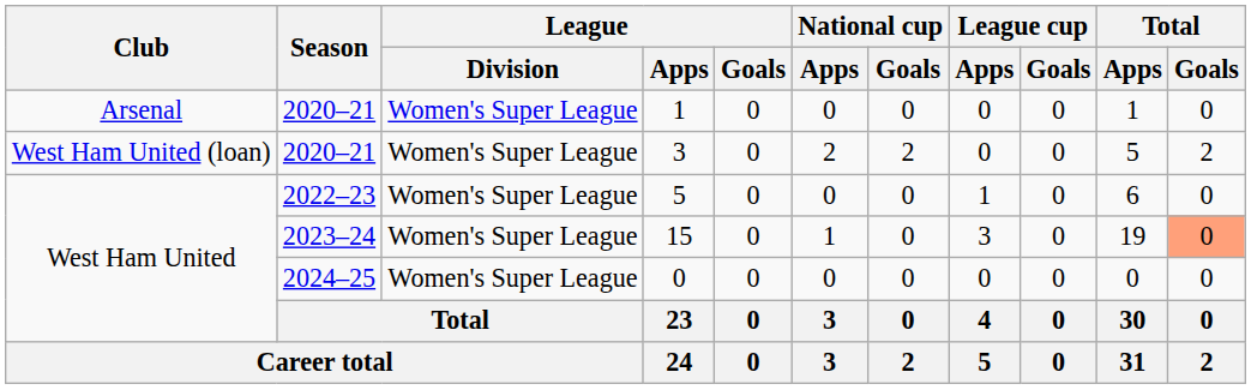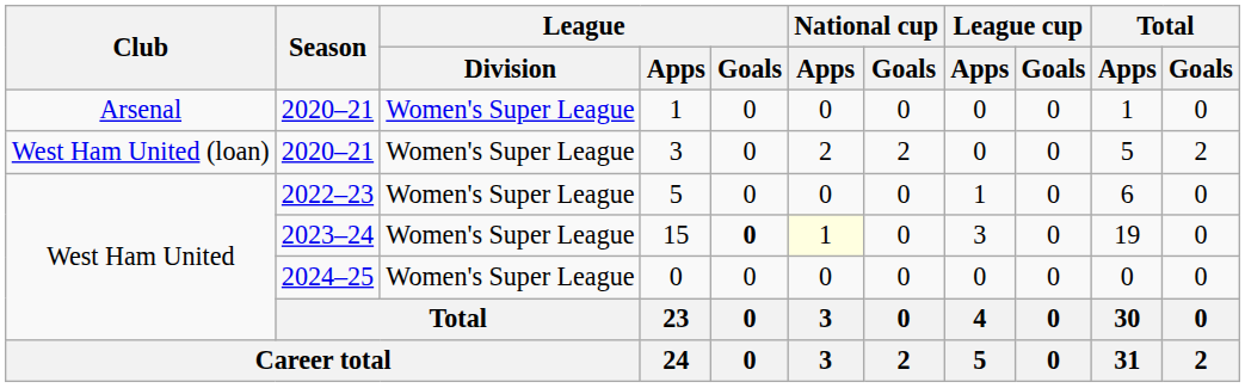 <table class="wikitable" style="text-align:center">
 <tr>
 <th rowspan="2">Club</th>
 <th rowspan="2">Season</th>
 <th colspan="3">League</th>
 <th colspan="2">National cup</th>
 <th colspan="2">League cup</th>
 <th colspan="2">Total</th>
 </tr>
 <tr>
 <th>Division</th>
 <th>Apps</th>
 <th>Goals</th>
 <th>Apps</th>
 <th>Goals</th>
 <th>Apps</th>
 <th>Goals</th>
 <th>Apps</th>
 <th>Goals</th>
 </tr>
 <tr>
 <td><a href='#'>Arsenal</a></td>
 <td><a href='#'>2020–21</a></td>
 <td><a href='#'>Women's Super League</a></td>
 <td>1</td>
 <td>0</td>
 <td>0</td>
 <td>0</td>
 <td>0</td>
 <td>0</td>
 <td>1</td>
 <td>0</td>
 </tr>
 <tr>
 <td><a href='#'>West Ham United</a> (loan)</td>
 <td><a href='#'>2020–21</a></td>
 <td>Women's Super League</td>
 <td>3</td>
 <td>0</td>
 <td>2</td>
 <td>2</td>
 <td>0</td>
 <td>0</td>
 <td>5</td>
 <td>2</td>
 </tr>
 <tr>
 <td rowspan="4">West Ham United</td>
 <td><a href='#'>2022–23</a></td>
 <td>Women's Super League</td>
 <td>5</td>
 <td>0</td>
 <td>0</td>
 <td>0</td>
 <td>1</td>
 <td>0</td>
 <td>6</td>
 <td>0</td>
 </tr>
 <tr>
 <td><a href='#'>2023–24</a></td>
 <td>Women's Super League</td>
 <td>15</td>
-<td>0</td>
-<td>1</td>
+<td><strong>0</strong></td>
+<td style="background: lightyellow;">1</td>
 <td>0</td>
 <td>3</td>
 <td>0</td>
 <td>19</td>
-<td style="background: lightsalmon;">0</td>
+<td>0</td>
 </tr>
 <tr>
 <td><a href='#'>2024–25</a></td>
 <td>Women's Super League</td>
 <td>0</td>
 <td>0</td>
 <td>0</td>
 <td>0</td>
 <td>0</td>
 <td>0</td>
 <td>0</td>
 <td>0</td>
 </tr>
 <tr>
 <th colspan="2">Total</th>
 <th>23</th>
 <th>0</th>
 <th>3</th>
 <th>0</th>
 <th>4</th>
 <th>0</th>
 <th>30</th>
 <th>0</th>
 </tr>
 <tr>
 <th colspan="3">Career total</th>
 <th>24</th>
 <th>0</th>
 <th>3</th>
 <th>2</th>
 <th>5</th>
 <th>0</th>
 <th>31</th>
 <th>2</th>
 </tr>
 </table>
